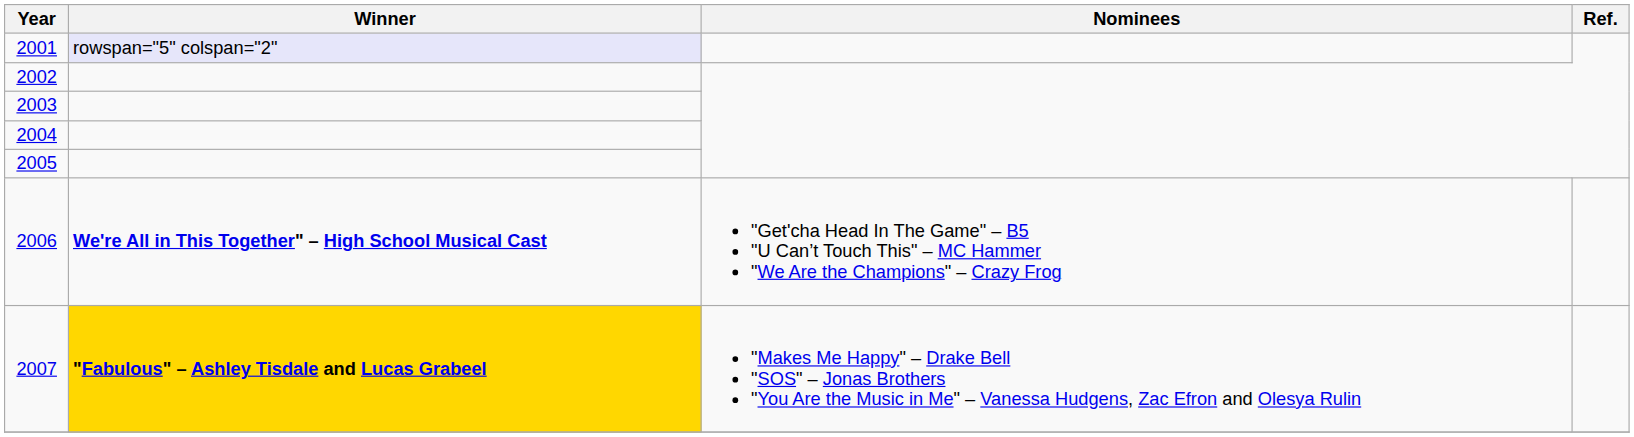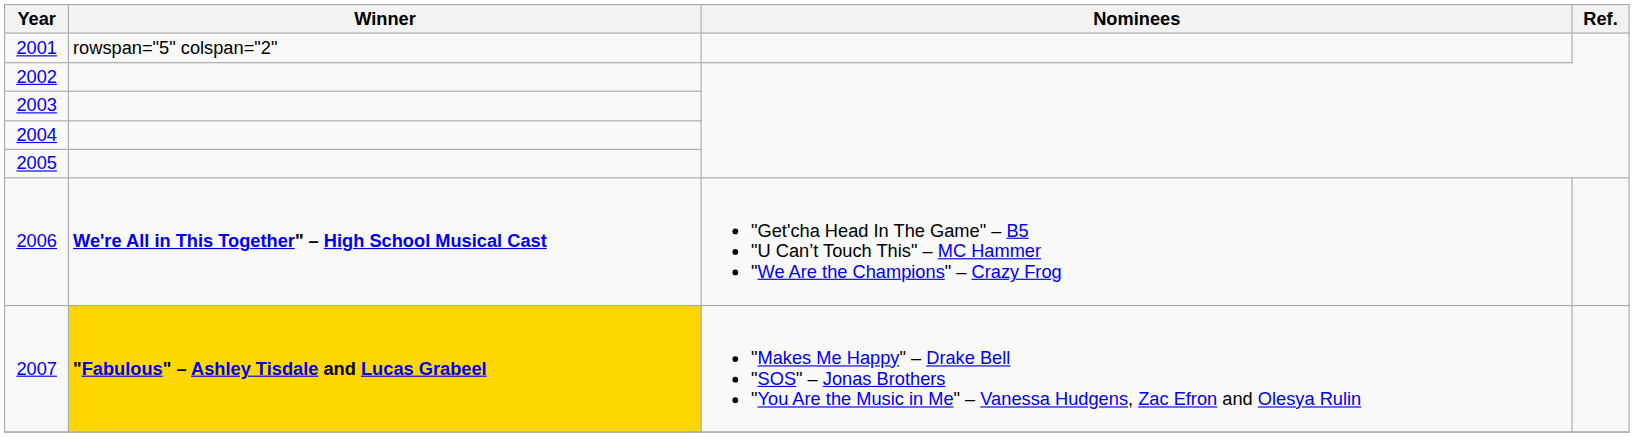 <table class="wikitable" width=90%>
 <tr>
 <th>Year</th>
 <th>Winner</th>
 <th>Nominees</th>
 <th>Ref.</th>
 </tr>
 <tr>
 <td align="center"><a href='#'>2001</a></td>
-<td style="background: lavender;">rowspan="5" colspan="2" </td>
+<td>rowspan="5" colspan="2" </td>
 <td align="center"></td>
 </tr>
 <tr>
 <td align="center"><a href='#'>2002</a></td>
 <td align="center"></td>
 </tr>
 <tr>
 <td align="center"><a href='#'>2003</a></td>
 <td align="center"></td>
 </tr>
 <tr>
 <td align="center"><a href='#'>2004</a></td>
 <td align="center"></td>
 </tr>
 <tr>
 <td align="center"><a href='#'>2005</a></td>
 <td align="center"></td>
 </tr>
 <tr>
 <td align="center"><a href='#'>2006</a></td>
 <td><strong><a href='#'>We're All in This Together</a>" – <a href='#'>High School Musical Cast</a></strong></td>
 <td><br><ul><li>"Get'cha Head In The Game" – <a href='#'>B5</a></li><li>"U Can’t Touch This" – <a href='#'>MC Hammer</a></li><li>"<a href='#'>We Are the Champions</a>" – <a href='#'>Crazy Frog</a></li></ul></td>
 <td align="center"></td>
 </tr>
 <tr>
 <td align="center"><a href='#'>2007</a></td>
 <td style="background: gold;"><strong>"<a href='#'>Fabulous</a>" – <a href='#'>Ashley Tisdale</a> and <a href='#'>Lucas Grabeel</a></strong></td>
 <td><br><ul><li>"<a href='#'>Makes Me Happy</a>" – <a href='#'>Drake Bell</a></li><li>"<a href='#'>SOS</a>" – <a href='#'>Jonas Brothers</a></li><li>"<a href='#'>You Are the Music in Me</a>" – <a href='#'>Vanessa Hudgens</a>, <a href='#'>Zac Efron</a> and <a href='#'>Olesya Rulin</a></li></ul></td>
 <td align="center"></td>
 </tr>
 <tr>
 </tr>
 </table>
